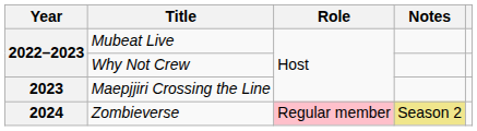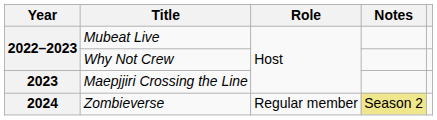 <table class="wikitable plainrowheaders">
 <tr>
 <th scope="col">Year</th>
 <th scope="col">Title</th>
 <th scope="col">Role</th>
 <th scope="col">Notes</th>
 <th scope="col" class="unsortable"></th>
 </tr>
 <tr>
 <th scope="row" rowspan="2">2022–2023</th>
 <td><em>Mubeat Live</em></td>
 <td rowspan="3">Host</td>
 <td></td>
 <td style="text-align:center"></td>
 </tr>
 <tr>
 <td><em>Why Not Crew</em></td>
 <td></td>
 <td style="text-align:center"></td>
 </tr>
 <tr>
 <th scope="row">2023</th>
 <td><em>Maepjjiri Crossing the Line</em></td>
 <td></td>
 <td style="text-align:center"></td>
 </tr>
 <tr>
 <th scope="row">2024</th>
 <td><em>Zombieverse</em></td>
-<td style="background: pink;">Regular member</td>
+<td>Regular member</td>
 <td style="background: khaki;">Season 2</td>
 <td style="text-align:center"></td>
 </tr>
 </table>
